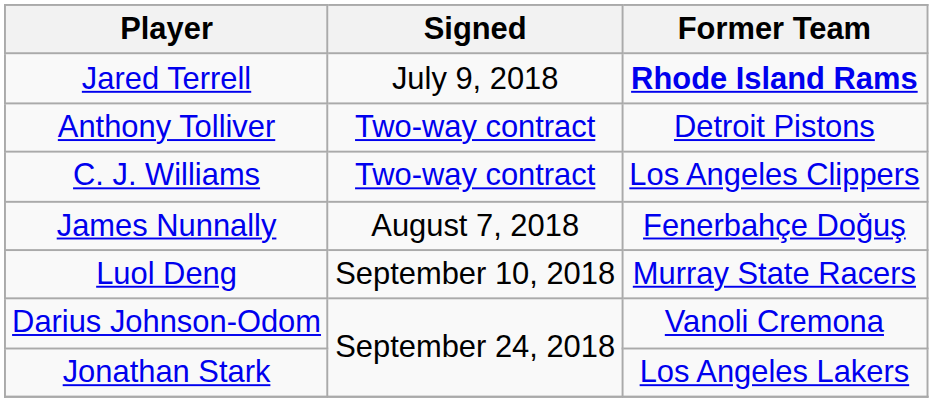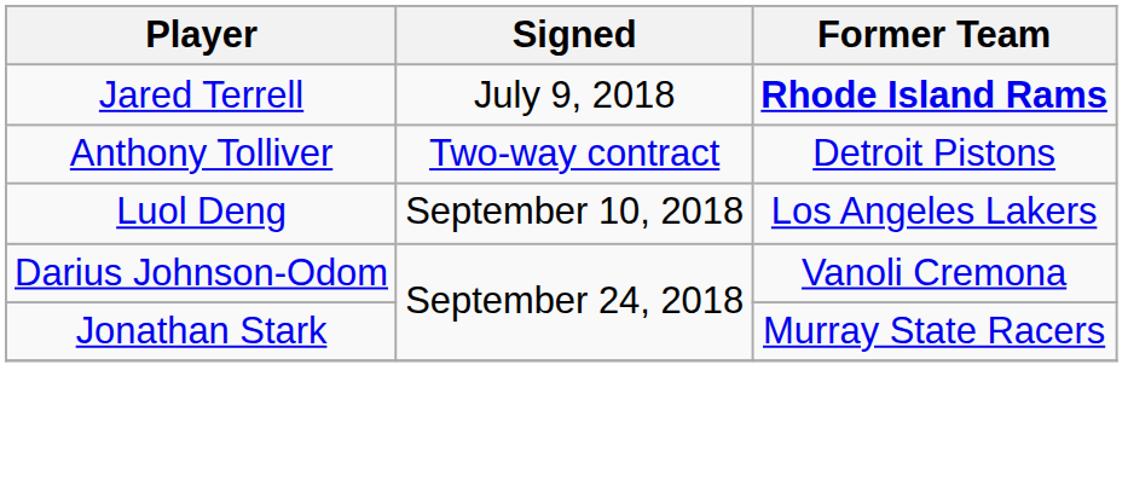 <table class="wikitable sortable sortable" style="text-align: center">
 <tr>
 <th>Player</th>
 <th>Signed</th>
 <th>Former Team</th>
 </tr>
 <tr style="text-align: center">
 <td><a href='#'>Jared Terrell</a></td>
 <td>July 9, 2018</td>
 <td><strong><a href='#'>Rhode Island Rams</a></strong></td>
 </tr>
 <tr style="text-align: center">
 <td><a href='#'>Anthony Tolliver</a></td>
 <td><a href='#'>Two-way contract</a></td>
 <td><a href='#'>Detroit Pistons</a></td>
 </tr>
 <tr style="text-align: center">
-<td><a href='#'>C. J. Williams</a></td>
-<td><a href='#'>Two-way contract</a></td>
-<td><a href='#'>Los Angeles Clippers</a></td>
-</tr>
-<tr style="text-align: center">
-<td><a href='#'>James Nunnally</a></td>
-<td>August 7, 2018</td>
-<td> <a href='#'>Fenerbahçe Doğuş</a></td>
-</tr>
-<tr style="text-align: center">
 <td><a href='#'>Luol Deng</a></td>
 <td>September 10, 2018</td>
-<td><a href='#'>Murray State Racers</a></td>
+<td><a href='#'>Los Angeles Lakers</a></td>
 </tr>
 <tr>
 <td><a href='#'>Darius Johnson-Odom</a></td>
 <td rowspan=2>September 24, 2018</td>
 <td> <a href='#'>Vanoli Cremona</a></td>
 </tr>
 <tr>
 <td><a href='#'>Jonathan Stark</a></td>
-<td><a href='#'>Los Angeles Lakers</a></td>
+<td><a href='#'>Murray State Racers</a></td>
 </tr>
 <tr>
 </tr>
 </table>
